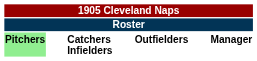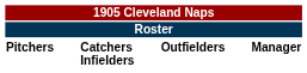 <table class="toccolours" style="font-size: 95%;">
 <tr>
 <th colspan="10" style="background-color: #990000; color: white; text-align: center;">1905 Cleveland Naps</th>
 </tr>
 <tr>
 <td colspan="10" style="background-color: #023456; color: white; text-align: center;"><strong>Roster</strong></td>
 </tr>
 <tr>
-<td valign="top" style="background: lightgreen;"><strong>Pitchers</strong><br>       </td>
+<td valign="top"><strong>Pitchers</strong><br>       </td>
 <td width="25px"></td>
 <td valign="top"><strong>Catchers</strong><br>    <strong>Infielders</strong>         </td>
 <td width="25px"></td>
 <td valign="top"><strong>Outfielders</strong><br>     </td>
 <td width="25px"></td>
 <td valign="top"><strong>Manager</strong><br> </td>
 </tr>
 </table>
